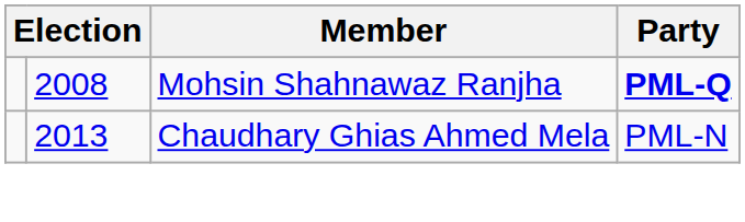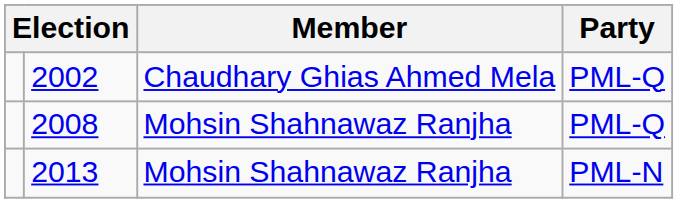 <table class="wikitable">
 <tr>
 <th colspan="2">Election</th>
 <th>Member</th>
 <th>Party</th>
 </tr>
 <tr>
 <td style="background-color: "></td>
+<td><a href='#'>2002</a></td>
+<td><a href='#'>Chaudhary Ghias Ahmed Mela</a></td>
+<td><a href='#'>PML-Q</a></td>
+</tr>
+<tr>
+<td style="background-color: "></td>
 <td><a href='#'>2008</a></td>
 <td><a href='#'>Mohsin Shahnawaz Ranjha</a></td>
-<td><strong><a href='#'>PML-Q</a></strong></td>
+<td><a href='#'>PML-Q</a></td>
 </tr>
 <tr>
 <td style="background-color: "></td>
 <td><a href='#'>2013</a></td>
-<td><a href='#'>Chaudhary Ghias Ahmed Mela</a></td>
+<td><a href='#'>Mohsin Shahnawaz Ranjha</a></td>
 <td><a href='#'>PML-N</a></td>
 </tr>
 </table>
